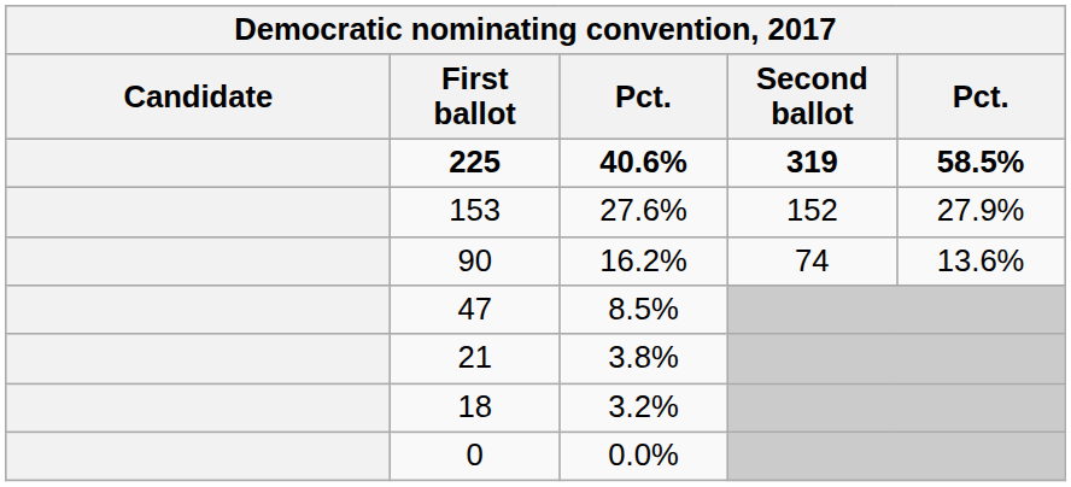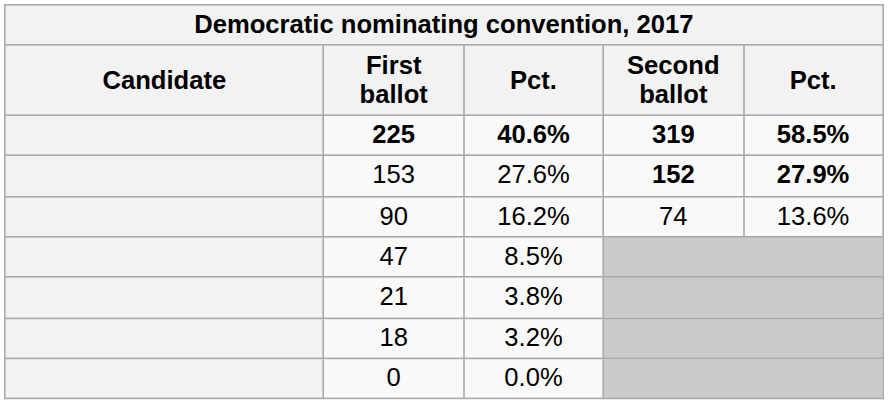 <table class="wikitable sortable plainrowheaders">
 <tr>
 <th colspan="5" >Democratic nominating convention, 2017</th>
 </tr>
 <tr style="background:#eee; text-align:center;">
 <th scope="col" style="width: 12em">Candidate</th>
 <th scope="col"  style="width: 5em">First ballot</th>
 <th scope="col"  style="width: 5em">Pct.</th>
 <th scope="col"  style="width: 5em">Second ballot</th>
 <th scope="col"  style="width: 5em">Pct.</th>
 </tr>
 <tr>
 <th scope="row"><strong></strong></th>
 <td style="text-align:center;"><strong>225</strong></td>
 <td style="text-align:center;"><strong>40.6%</strong></td>
 <td style="text-align:center;"><strong>319</strong></td>
 <td style="text-align:center;"><strong>58.5%</strong></td>
 </tr>
 <tr>
 <th scope="row"></th>
 <td style="text-align:center;">153</td>
 <td style="text-align:center;">27.6%</td>
-<td style="text-align:center;">152</td>
-<td style="text-align:center;">27.9%</td>
+<td style="text-align:center;"><strong>152</strong></td>
+<td style="text-align:center;"><strong>27.9%</strong></td>
 </tr>
 <tr>
 <th scope="row"></th>
 <td style="text-align:center;">90</td>
 <td style="text-align:center;">16.2%</td>
 <td style="text-align:center;">74</td>
 <td style="text-align:center;">13.6%</td>
 </tr>
 <tr>
 <th scope="row"></th>
 <td style="text-align:center;">47</td>
 <td style="text-align:center;">8.5%</td>
 <td colspan="2" style="text-align:center; background:#cbcbcb"><em></em></td>
 </tr>
 <tr>
 <th scope="row"></th>
 <td style="text-align:center;">21</td>
 <td style="text-align:center;">3.8%</td>
 <td colspan=2 style="text-align:center; background:#cbcbcb"><em></em></td>
 </tr>
 <tr>
 <th scope="row"></th>
 <td style="text-align:center;">18</td>
 <td style="text-align:center;">3.2%</td>
 <td colspan=2 style="text-align:center; background:#cbcbcb"><em></em></td>
 </tr>
 <tr>
 <th scope="row"></th>
 <td style="text-align:center;">0</td>
 <td style="text-align:center;">0.0%</td>
 <td colspan=2 style="text-align:center; background:#cbcbcb"><em></em></td>
 </tr>
 </table>
